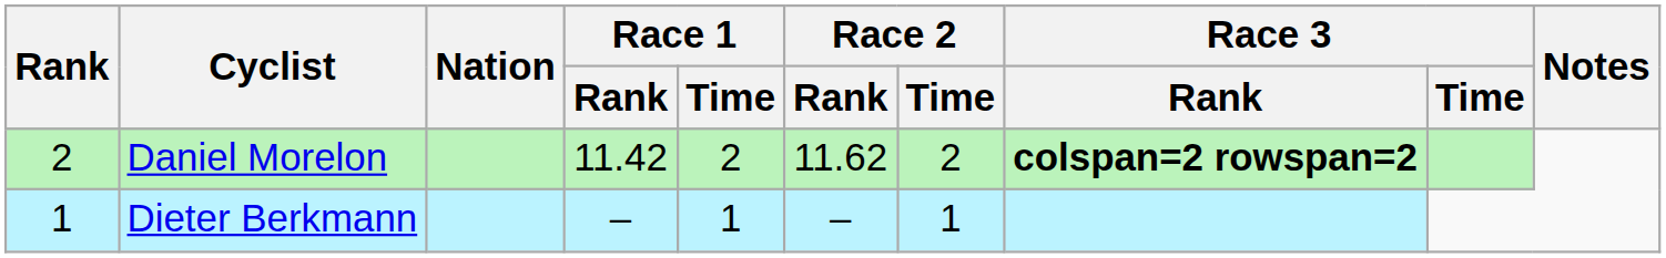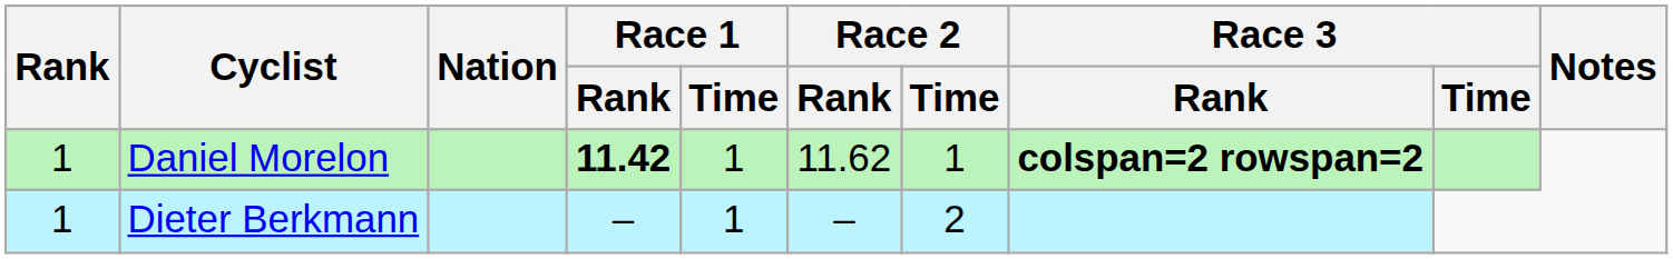 <table class="wikitable sortable" style="text-align:center">
 <tr>
 <th rowspan=2>Rank</th>
 <th rowspan=2>Cyclist</th>
 <th rowspan=2>Nation</th>
 <th colspan=2>Race 1</th>
 <th colspan=2>Race 2</th>
 <th colspan=2>Race 3</th>
 <th rowspan=2>Notes</th>
 </tr>
 <tr>
 <th>Rank</th>
 <th>Time</th>
 <th>Rank</th>
 <th>Time</th>
 <th>Rank</th>
 <th>Time</th>
 </tr>
 <tr bgcolor=bbf3bb>
-<td>2</td>
+<td>1</td>
 <td align=left data-sort-value="Morelon, Daniel"><a href='#'>Daniel Morelon</a></td>
 <td align=left></td>
-<td>11.42</td>
-<td>2</td>
+<td><strong>11.42</strong></td>
+<td>1</td>
 <td>11.62</td>
-<td>2</td>
+<td>1</td>
 <td><strong>colspan=2 rowspan=2 </strong></td>
 <td></td>
 </tr>
 <tr bgcolor=bbf3ff>
 <td>1</td>
 <td align=left data-sort-value="Berkmann, Dieter"><a href='#'>Dieter Berkmann</a></td>
 <td align=left></td>
 <td>–</td>
 <td>1</td>
 <td>–</td>
-<td>1</td>
+<td>2</td>
 <td></td>
 </tr>
 </table>
